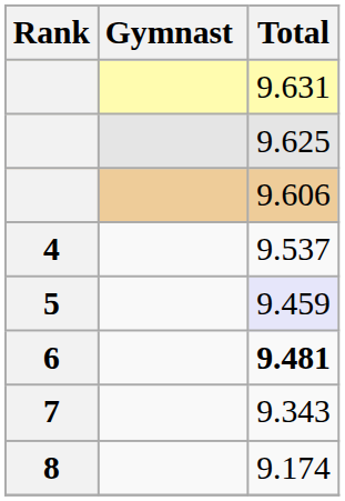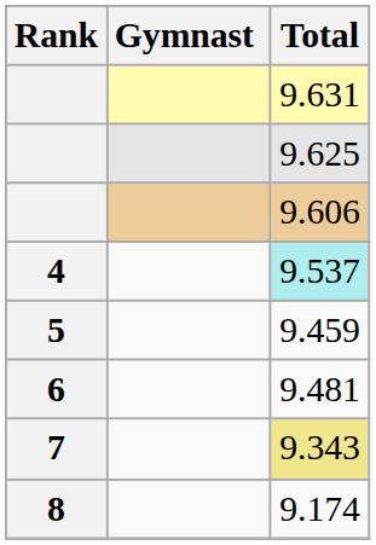 <table class="wikitable sortable" style="text-align:center; font-size:95%">
 <tr>
 <th scope=col>Rank</th>
 <th scope=col>Gymnast </th>
 <th scope=col>Total</th>
 </tr>
 <tr bgcolor=fffcaf>
 <th scope=row style="text-align:center"></th>
 <td align=left> </td>
 <td>9.631</td>
 </tr>
 <tr bgcolor=e5e5e5>
 <th scope=row style="text-align:center"></th>
 <td align=left> </td>
 <td>9.625</td>
 </tr>
 <tr bgcolor=eecc99>
 <th scope=row style="text-align:center"></th>
 <td align=left> </td>
 <td>9.606</td>
 </tr>
 <tr>
 <th scope=row style="text-align:center">4</th>
 <td align=left> </td>
-<td>9.537</td>
+<td style="background: paleturquoise;">9.537</td>
 </tr>
 <tr>
 <th scope=row style="text-align:center">5</th>
 <td align=left> </td>
-<td style="background: lavender;">9.459</td>
+<td>9.459</td>
 </tr>
 <tr>
 <th scope=row style="text-align:center">6</th>
 <td align=left> </td>
-<td><strong>9.481</strong></td>
+<td>9.481</td>
 </tr>
 <tr>
 <th scope=row style="text-align:center">7</th>
 <td align=left> </td>
-<td>9.343</td>
+<td style="background: khaki;">9.343</td>
 </tr>
 <tr>
 <th scope=row style="text-align:center">8</th>
 <td align=left> </td>
 <td>9.174</td>
 </tr>
 <tr>
 </tr>
 </table>
